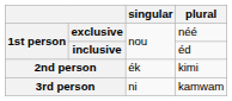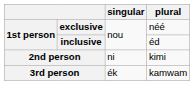 <table class="wikitable">
 <tr>
 <th colspan="2"></th>
 <th>singular</th>
 <th>plural</th>
 </tr>
 <tr>
 <th rowspan="2">1st person</th>
 <th>exclusive</th>
 <td rowspan="2">nou</td>
 <td>néé</td>
 </tr>
 <tr>
 <th>inclusive</th>
 <td>éd</td>
 </tr>
 <tr>
 <th colspan="2">2nd person</th>
-<td>ék</td>
+<td>ni</td>
 <td>kimi</td>
 </tr>
 <tr>
 <th colspan="2">3rd person</th>
-<td>ni</td>
+<td>ék</td>
 <td>kamwam</td>
 </tr>
 </table>
